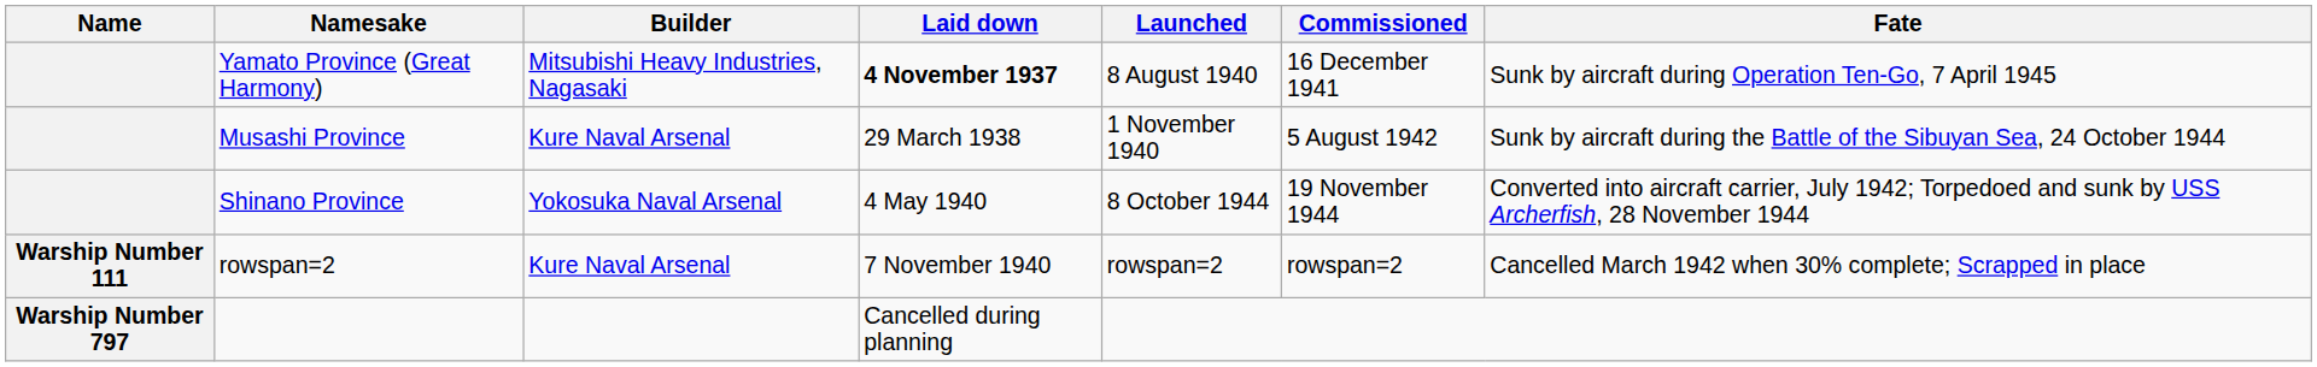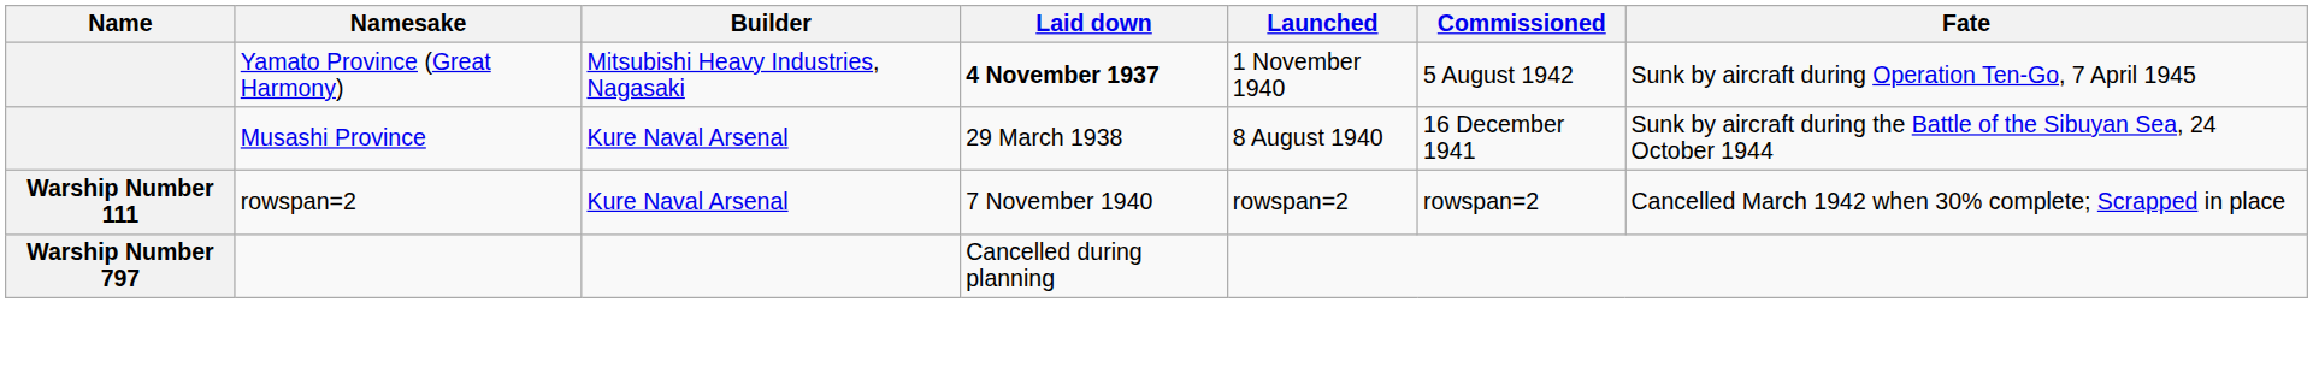 <table class="wikitable plainrowheaders">
 <tr>
 <th scope="col">Name</th>
 <th scope="col">Namesake</th>
 <th scope="col">Builder</th>
 <th scope="col"><a href='#'>Laid down</a></th>
 <th scope="col"><a href='#'>Launched</a></th>
 <th scope="col"><a href='#'>Commissioned</a></th>
 <th scope="col">Fate</th>
 </tr>
 <tr>
 <th scope="row"></th>
 <td><a href='#'>Yamato Province</a> (<a href='#'>Great Harmony</a>)</td>
 <td><a href='#'>Mitsubishi Heavy Industries</a>, <a href='#'>Nagasaki</a></td>
 <td><strong>4 November 1937</strong></td>
-<td>8 August 1940</td>
-<td>16 December 1941</td>
+<td>1 November 1940</td>
+<td>5 August 1942</td>
 <td>Sunk by aircraft during <a href='#'>Operation Ten-Go</a>, 7 April 1945</td>
 </tr>
 <tr>
 <th scope="row"></th>
 <td><a href='#'>Musashi Province</a></td>
 <td><a href='#'>Kure Naval Arsenal</a></td>
 <td>29 March 1938</td>
-<td>1 November 1940</td>
-<td>5 August 1942</td>
+<td>8 August 1940</td>
+<td>16 December 1941</td>
 <td>Sunk by aircraft during the <a href='#'>Battle of the Sibuyan Sea</a>, 24 October 1944</td>
-</tr>
-<tr>
-<th scope="row"></th>
-<td><a href='#'>Shinano Province</a></td>
-<td><a href='#'>Yokosuka Naval Arsenal</a></td>
-<td>4 May 1940</td>
-<td>8 October 1944</td>
-<td>19 November 1944</td>
-<td>Converted into aircraft carrier, July 1942; Torpedoed and sunk by <a href='#'>USS <em>Archerfish</em></a>, 28 November 1944</td>
 </tr>
 <tr>
 <th scope="row">Warship Number 111</th>
 <td>rowspan=2 </td>
 <td><a href='#'>Kure Naval Arsenal</a></td>
 <td>7 November 1940</td>
 <td>rowspan=2 </td>
 <td>rowspan=2 </td>
 <td>Cancelled March 1942 when 30% complete; <a href='#'>Scrapped</a> in place</td>
 </tr>
 <tr>
 <th scope="row">Warship Number 797</th>
 <td></td>
 <td></td>
 <td>Cancelled during planning</td>
 </tr>
 </table>
